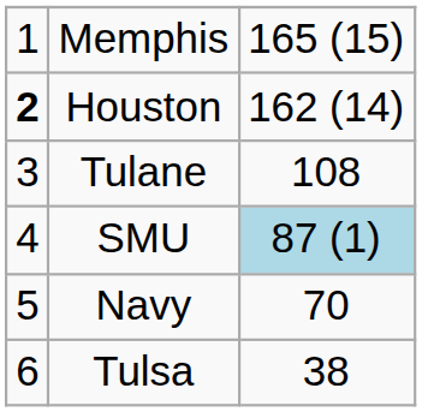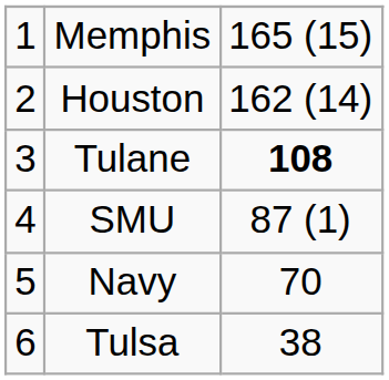 <table class="wikitable" style="display: inline-table;">
 <tr align="center">
 </tr>
 <tr align="center">
 <td>1</td>
 <td>Memphis</td>
 <td>165 (15)</td>
 </tr>
 <tr align="center">
-<td><strong>2</strong></td>
+<td>2</td>
 <td>Houston</td>
 <td>162 (14)</td>
 </tr>
 <tr align="center">
 <td>3</td>
 <td>Tulane</td>
-<td>108</td>
+<td><strong>108</strong></td>
 </tr>
 <tr align="center">
 <td>4</td>
 <td>SMU</td>
-<td style="background: lightblue;">87 (1)</td>
+<td>87 (1)</td>
 </tr>
 <tr align="center">
 <td>5</td>
 <td>Navy</td>
 <td>70</td>
 </tr>
 <tr align="center">
 <td>6</td>
 <td>Tulsa</td>
 <td>38</td>
 </tr>
 </table>
